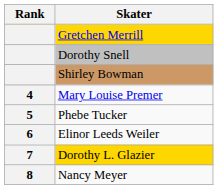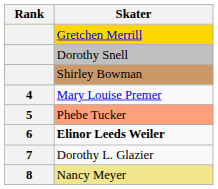 <table class="wikitable unsortable" style="text-align:left; width:30%">
 <tr>
 <th scope="col">Rank</th>
 <th scope="col">Skater</th>
 </tr>
 <tr bgcolor="gold">
 <th scope="row"></th>
 <td><a href='#'>Gretchen Merrill</a></td>
 </tr>
 <tr bgcolor="silver">
 <th scope="row"></th>
 <td>Dorothy Snell</td>
 </tr>
 <tr bgcolor="cc9966">
 <th scope="row"></th>
 <td>Shirley Bowman</td>
 </tr>
 <tr>
 <th scope="row">4</th>
 <td><a href='#'>Mary Louise Premer</a></td>
 </tr>
 <tr>
 <th scope="row">5</th>
-<td>Phebe Tucker</td>
+<td style="background: lightsalmon;">Phebe Tucker</td>
 </tr>
 <tr>
 <th scope="row">6</th>
-<td>Elinor Leeds Weiler</td>
+<td><strong>Elinor Leeds Weiler</strong></td>
 </tr>
 <tr>
 <th scope="row">7</th>
-<td style="background: gold;">Dorothy L. Glazier</td>
+<td>Dorothy L. Glazier</td>
 </tr>
 <tr>
 <th scope="row">8</th>
-<td>Nancy Meyer</td>
+<td style="background: khaki;">Nancy Meyer</td>
 </tr>
 </table>
